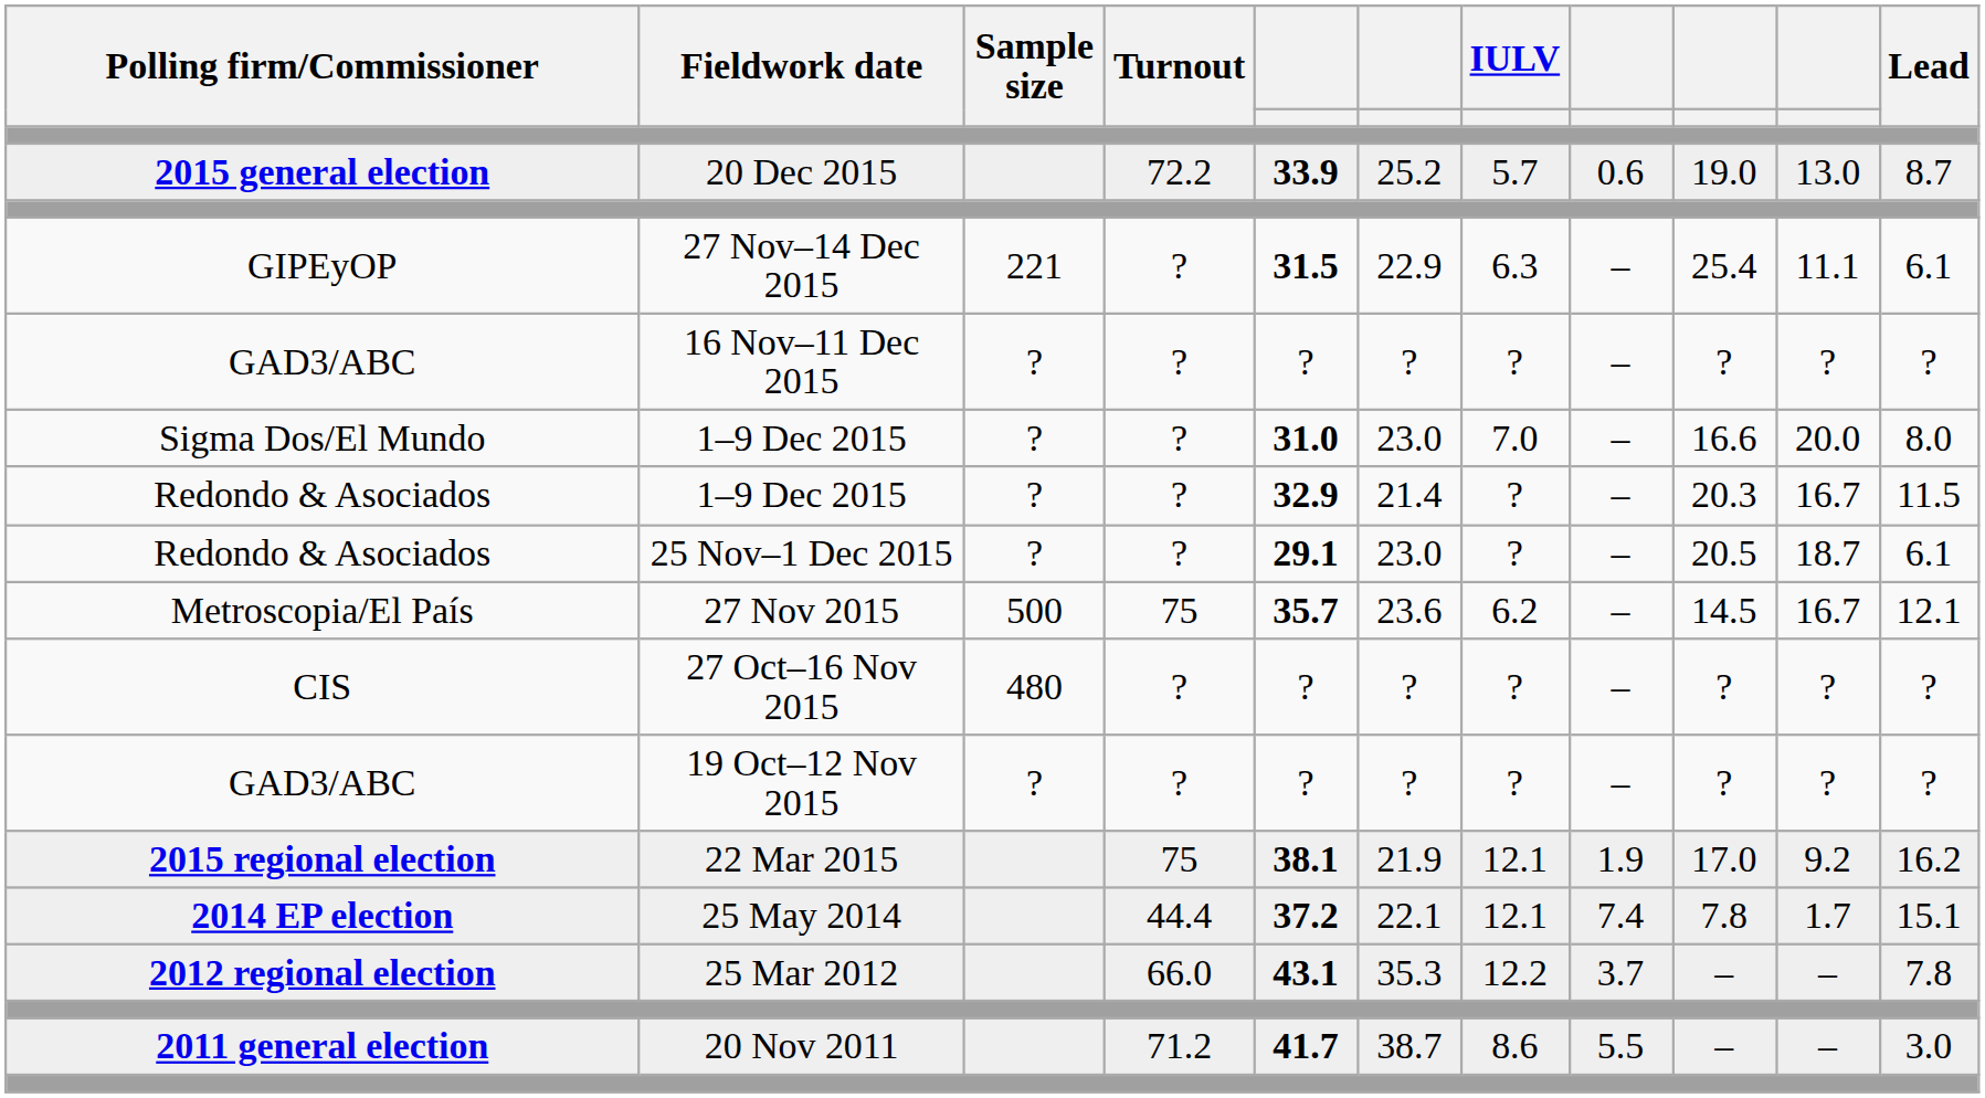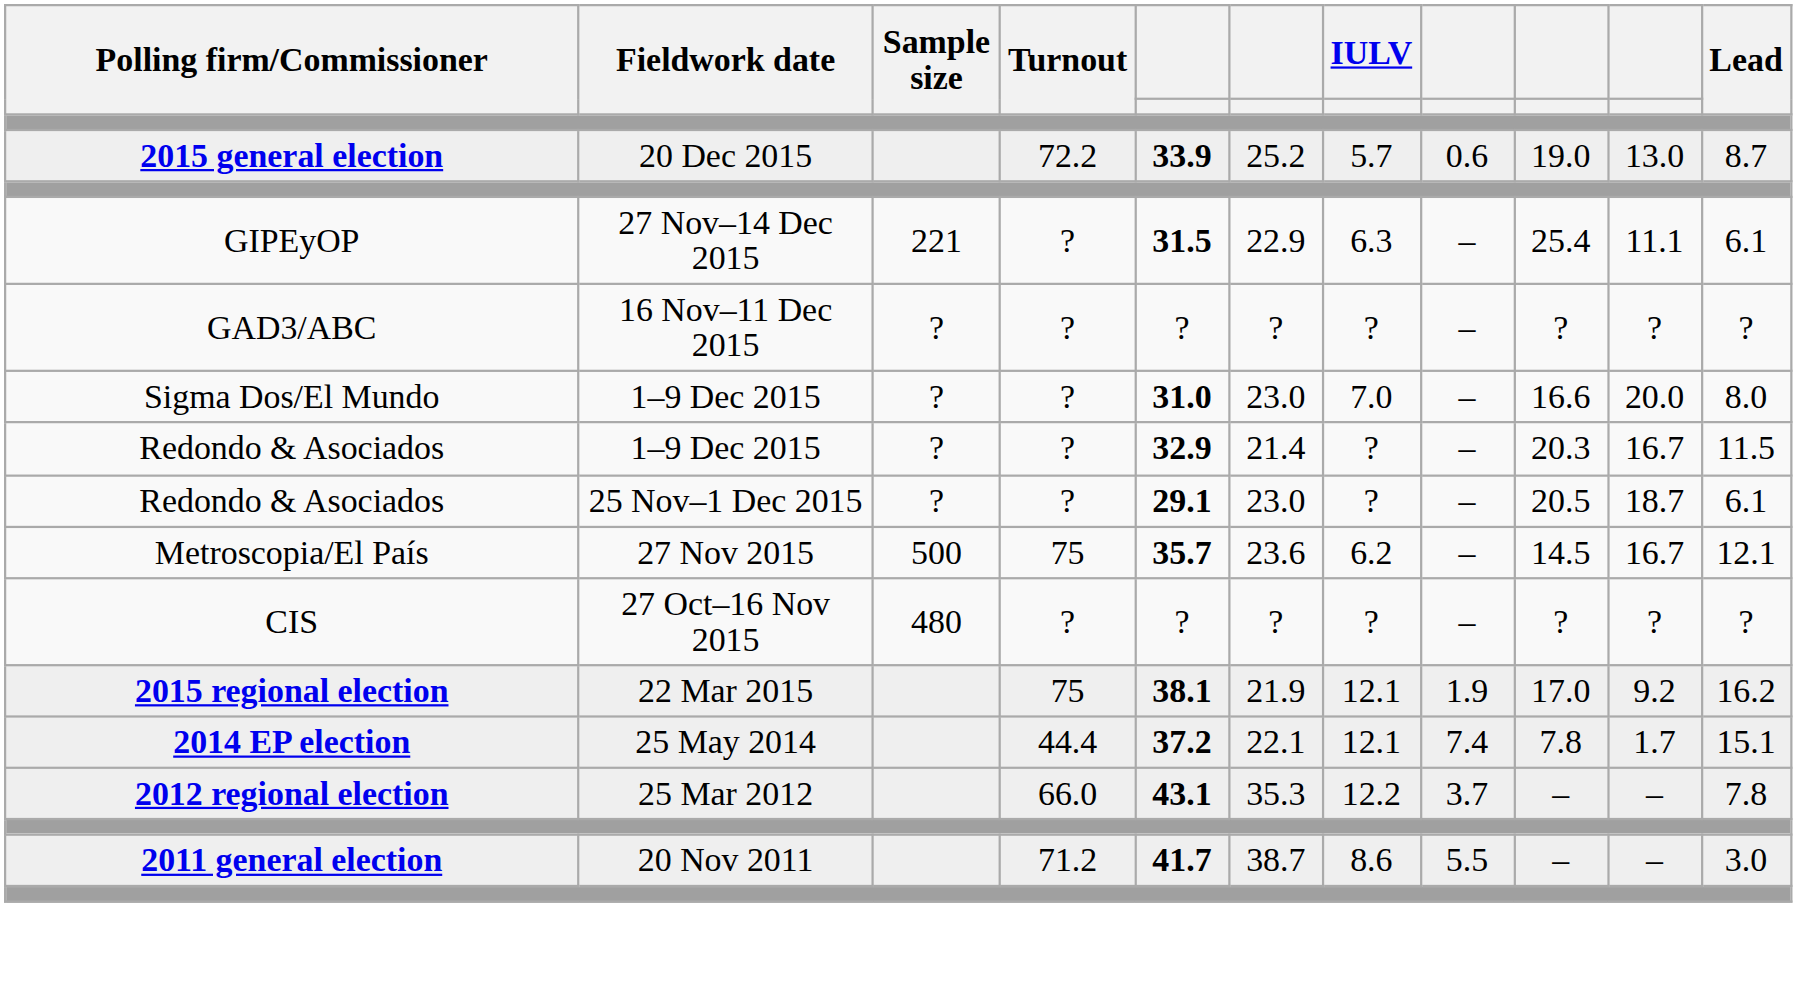 <table class="wikitable collapsible collapsed" style="text-align:center; font-size:95%; line-height:16px;">
 <tr style="height:42px; background-color:#E9E9E9">
 <th style="width:250px;" rowspan="2">Polling firm/Commissioner</th>
 <th style="width:125px;" rowspan="2">Fieldwork date</th>
 <th style="width:50px;" rowspan="2">Sample size</th>
 <th style="width:45px;" rowspan="2">Turnout</th>
 <th style="width:35px;"></th>
 <th style="width:35px;"></th>
 <th style="width:35px;"><a href='#'>IULV</a></th>
 <th style="width:35px;"></th>
 <th style="width:35px;"></th>
 <th style="width:35px;"></th>
 <th style="width:30px;" rowspan="2">Lead</th>
 </tr>
 <tr>
 <th style="color:inherit;background:"></th>
 <th style="color:inherit;background:"></th>
 <th style="color:inherit;background:"></th>
 <th style="color:inherit;background:"></th>
 <th style="color:inherit;background:"></th>
 <th style="color:inherit;background:"></th>
 </tr>
 <tr>
 <td colspan="11" style="background:#A0A0A0"></td>
 </tr>
 <tr style="background:#EFEFEF;">
 <td><strong><a href='#'>2015 general election</a></strong></td>
 <td>20 Dec 2015</td>
 <td></td>
 <td>72.2</td>
 <td><strong>33.9</strong><br></td>
 <td>25.2<br></td>
 <td>5.7<br></td>
 <td>0.6<br></td>
 <td>19.0<br></td>
 <td>13.0<br></td>
 <td style="background:">8.7</td>
 </tr>
 <tr>
 <td colspan="11" style="background:#A0A0A0"></td>
 </tr>
 <tr>
 <td>GIPEyOP</td>
 <td>27 Nov–14 Dec 2015</td>
 <td>221</td>
 <td>?</td>
 <td><strong>31.5</strong><br></td>
 <td>22.9<br></td>
 <td>6.3<br></td>
 <td>–</td>
 <td>25.4<br></td>
 <td>11.1<br></td>
 <td style="background:">6.1</td>
 </tr>
 <tr>
 <td>GAD3/ABC</td>
 <td>16 Nov–11 Dec 2015</td>
 <td>?</td>
 <td>?</td>
 <td>?<br></td>
 <td>?<br></td>
 <td>?<br></td>
 <td>–</td>
 <td>?<br></td>
 <td>?<br></td>
 <td style="background:">?</td>
 </tr>
 <tr>
 <td>Sigma Dos/El Mundo</td>
 <td>1–9 Dec 2015</td>
 <td>?</td>
 <td>?</td>
 <td><strong>31.0</strong><br></td>
 <td>23.0<br></td>
 <td>7.0<br></td>
 <td>–</td>
 <td>16.6<br></td>
 <td>20.0<br></td>
 <td style="background:">8.0</td>
 </tr>
 <tr>
 <td>Redondo & Asociados</td>
 <td>1–9 Dec 2015</td>
 <td>?</td>
 <td>?</td>
 <td><strong>32.9</strong><br></td>
 <td>21.4<br></td>
 <td>?<br></td>
 <td>–</td>
 <td>20.3<br></td>
 <td>16.7<br></td>
 <td style="background:">11.5</td>
 </tr>
 <tr>
 <td>Redondo & Asociados</td>
 <td>25 Nov–1 Dec 2015</td>
 <td>?</td>
 <td>?</td>
 <td><strong>29.1</strong><br></td>
 <td>23.0<br></td>
 <td>?<br></td>
 <td>–</td>
 <td>20.5<br></td>
 <td>18.7<br></td>
 <td style="background:">6.1</td>
 </tr>
 <tr>
 <td>Metroscopia/El País</td>
 <td>27 Nov 2015</td>
 <td>500</td>
 <td>75</td>
 <td><strong>35.7</strong><br></td>
 <td>23.6<br></td>
 <td>6.2<br></td>
 <td>–</td>
 <td>14.5<br></td>
 <td>16.7<br></td>
 <td style="background:">12.1</td>
 </tr>
 <tr>
 <td>CIS</td>
 <td>27 Oct–16 Nov 2015</td>
 <td>480</td>
 <td>?</td>
 <td>?<br></td>
 <td>?<br></td>
 <td>?<br></td>
 <td>–</td>
 <td>?<br></td>
 <td>?<br></td>
 <td style="background:">?</td>
 </tr>
-<tr>
-<td>GAD3/ABC</td>
-<td>19 Oct–12 Nov 2015</td>
-<td>?</td>
-<td>?</td>
-<td>?<br></td>
-<td>?<br></td>
-<td>?<br></td>
-<td>–</td>
-<td>?<br></td>
-<td>?<br></td>
-<td style="background:">?</td>
-</tr>
 <tr style="background:#EFEFEF;">
 <td><strong><a href='#'>2015 regional election</a></strong></td>
 <td>22 Mar 2015</td>
 <td></td>
 <td>75</td>
 <td><strong>38.1</strong><br></td>
 <td>21.9<br></td>
 <td>12.1<br></td>
 <td>1.9<br></td>
 <td>17.0<br></td>
 <td>9.2<br></td>
 <td style="background:">16.2</td>
 </tr>
 <tr style="background:#EFEFEF;">
 <td><strong><a href='#'>2014 EP election</a></strong></td>
 <td>25 May 2014</td>
 <td></td>
 <td>44.4</td>
 <td><strong>37.2</strong><br></td>
 <td>22.1<br></td>
 <td>12.1<br></td>
 <td>7.4<br></td>
 <td>7.8<br></td>
 <td>1.7<br></td>
 <td style="background:">15.1</td>
 </tr>
 <tr style="background:#EFEFEF;">
 <td><strong><a href='#'>2012 regional election</a></strong></td>
 <td>25 Mar 2012</td>
 <td></td>
 <td>66.0</td>
 <td><strong>43.1</strong><br></td>
 <td>35.3<br></td>
 <td>12.2<br></td>
 <td>3.7<br></td>
 <td>–</td>
 <td>–</td>
 <td style="background:">7.8</td>
 </tr>
 <tr>
 <td colspan="11" style="background:#A0A0A0"></td>
 </tr>
 <tr style="background:#EFEFEF;">
 <td><strong><a href='#'>2011 general election</a></strong></td>
 <td>20 Nov 2011</td>
 <td></td>
 <td>71.2</td>
 <td><strong>41.7</strong><br></td>
 <td>38.7<br></td>
 <td>8.6<br></td>
 <td>5.5<br></td>
 <td>–</td>
 <td>–</td>
 <td style="background:">3.0</td>
 </tr>
 <tr>
 <td colspan="11" style="background:#A0A0A0"></td>
 </tr>
 </table>
